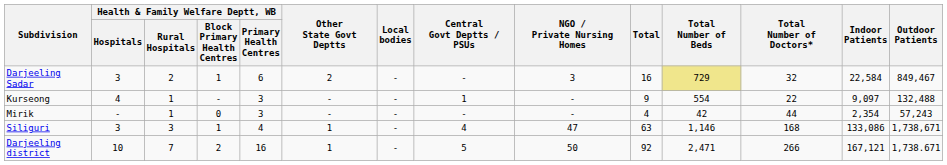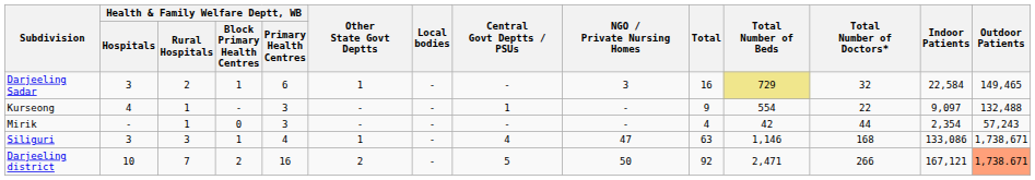 <table class="wikitable" style="text-align:center;font-size: 9pt">
 <tr>
 <th rowspan="2" width="110">Subdivision</th>
 <th colspan="4" rowspan="1" width="160">Health & Family Welfare Deptt, WB</th>
 <th rowspan="2">Other<br>State Govt Deptts</th>
 <th rowspan="2">Local<br>bodies</th>
 <th rowspan="2">Central<br>Govt Deptts / PSUs</th>
 <th rowspan="2">NGO /<br>Private Nursing Homes</th>
 <th rowspan="2">Total</th>
 <th rowspan="2">Total<br>Number of Beds</th>
 <th rowspan="2">Total<br>Number of Doctors*</th>
 <th rowspan="2">Indoor<br>Patients</th>
 <th rowspan="2">Outdoor<br>Patients</th>
 </tr>
 <tr>
 <th width="40">Hospitals</th>
 <th width="40">Rural<br>Hospitals</th>
 <th width="40">Block<br>Primary Health Centres</th>
 <th width="40">Primary<br>Health Centres</th>
 </tr>
 <tr>
 <td align="left"><a href='#'>Darjeeling Sadar</a></td>
 <td align="center">3</td>
 <td align="center">2</td>
 <td align="center">1</td>
 <td align="center">6</td>
-<td align="center">2</td>
+<td align="center">1</td>
 <td align="center">-</td>
 <td align="center">-</td>
 <td align="center">3</td>
 <td align="center">16</td>
 <td align="center" style="background: khaki;">729</td>
 <td align="center">32</td>
 <td align="center">22,584</td>
-<td align="center">849,467</td>
+<td align="center">149,465</td>
 </tr>
 <tr>
 <td align="left">Kurseong</td>
 <td align="center">4</td>
 <td align="center">1</td>
 <td align="center">-</td>
 <td align="center">3</td>
 <td align="center">-</td>
 <td align="center">-</td>
 <td align="center">1</td>
 <td align="center">-</td>
 <td align="center">9</td>
 <td align="center">554</td>
 <td align="center">22</td>
 <td align="center">9,097</td>
 <td align="center">132,488</td>
 </tr>
 <tr>
 <td align="left">Mirik</td>
 <td align="center">-</td>
 <td align="center">1</td>
 <td align="center">0</td>
 <td align="center">3</td>
 <td align="center">-</td>
 <td align="center">-</td>
 <td align="center">-</td>
 <td align="center">-</td>
 <td align="center">4</td>
 <td align="center">42</td>
 <td align="center">44</td>
 <td align="center">2,354</td>
 <td align="center">57,243</td>
 </tr>
 <tr>
 <td align="left"><a href='#'>Siliguri</a></td>
 <td align="center">3</td>
 <td align="center">3</td>
 <td align="center">1</td>
 <td align="center">4</td>
 <td align="center">1</td>
 <td align="center">-</td>
 <td align="center">4</td>
 <td align="center">47</td>
 <td align="center">63</td>
 <td align="center">1,146</td>
 <td align="center">168</td>
 <td align="center">133,086</td>
 <td align="center">1,738,671</td>
 </tr>
 <tr>
 <td align="left"><a href='#'>Darjeeling district</a></td>
 <td align="center">10</td>
 <td align="center">7</td>
 <td align="center">2</td>
 <td align="center">16</td>
-<td align="center">1</td>
+<td align="center">2</td>
 <td align="center">-</td>
 <td align="center">5</td>
 <td align="center">50</td>
 <td align="center">92</td>
 <td align="center">2,471</td>
 <td align="center">266</td>
 <td align="center">167,121</td>
-<td align="center">1,738.671</td>
+<td align="center" style="background: lightsalmon;">1,738.671</td>
 </tr>
 </table>
